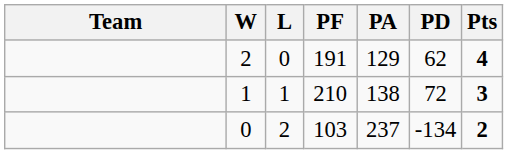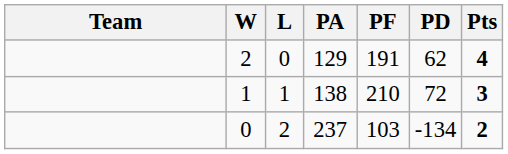 <table class="wikitable" style="text-align:center;">
 <tr>
 <th width=150>Team</th>
 <th width=20>W</th>
 <th width=20>L</th>
+<th width=30>PA</th>
 <th width=30>PF</th>
-<th width=30>PA</th>
 <th width=30>PD</th>
 <th width=20>Pts</th>
 </tr>
 <tr>
 <td align="left"></td>
 <td>2</td>
 <td>0</td>
+<td>129</td>
 <td>191</td>
-<td>129</td>
 <td>62</td>
 <td><strong>4</strong></td>
 </tr>
 <tr>
 <td align="left"></td>
 <td>1</td>
 <td>1</td>
+<td>138</td>
 <td>210</td>
-<td>138</td>
 <td>72</td>
 <td><strong>3</strong></td>
 </tr>
 <tr>
 <td align="left"></td>
 <td>0</td>
 <td>2</td>
+<td>237</td>
 <td>103</td>
-<td>237</td>
 <td>-134</td>
 <td><strong>2</strong></td>
 </tr>
 </table>
